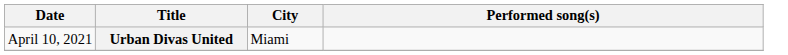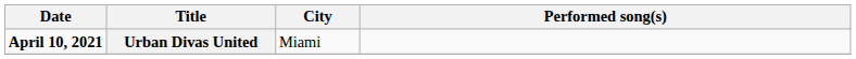 <table class="wikitable sortable plainrowheaders">
 <tr>
 <th style="width:12%;">Date</th>
 <th style="width:20%;">Title</th>
 <th style="width:10%;">City</th>
 <th class="unsortable">Performed song(s)</th>
 </tr>
 <tr>
-<td>April 10, 2021</td>
+<td><strong>April 10, 2021</strong></td>
 <th scope="row">Urban Divas United</th>
 <td>Miami</td>
 <td></td>
 </tr>
 <tr>
 </tr>
 </table>
